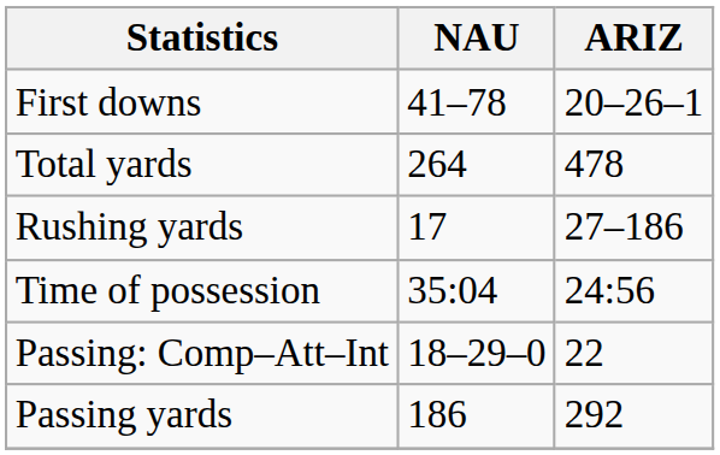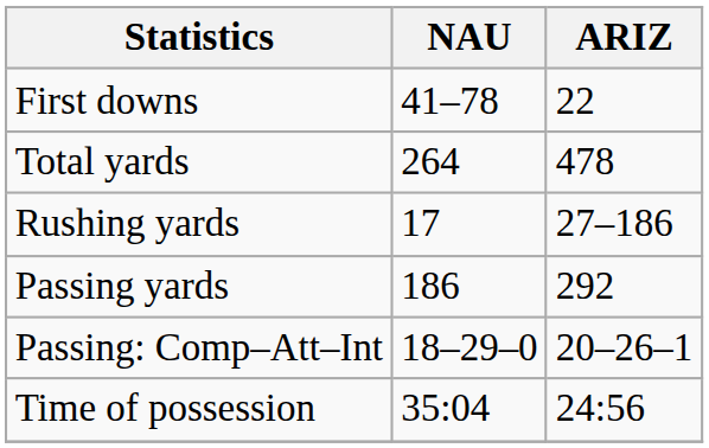 <table class="wikitable" style="float: left;">
 <tr>
 <th>Statistics</th>
 <th>NAU</th>
 <th>ARIZ</th>
 </tr>
 <tr>
 <td>First downs</td>
 <td>41–78</td>
-<td>20–26–1</td>
+<td>22</td>
 </tr>
 <tr>
 <td>Total yards</td>
 <td>264</td>
 <td>478</td>
 </tr>
 <tr>
 <td>Rushing yards</td>
 <td>17</td>
 <td>27–186</td>
 </tr>
 <tr>
+<td>Passing yards</td>
+<td>186</td>
+<td>292</td>
+</tr>
+<tr>
+<td>Passing: Comp–Att–Int</td>
+<td>18–29–0</td>
+<td>20–26–1</td>
+</tr>
+<tr>
 <td>Time of possession</td>
 <td>35:04</td>
 <td>24:56</td>
 </tr>
 <tr>
-<td>Passing: Comp–Att–Int</td>
-<td>18–29–0</td>
-<td>22</td>
-</tr>
-<tr>
-<td>Passing yards</td>
-<td>186</td>
-<td>292</td>
-</tr>
-<tr>
 </tr>
 </table>
